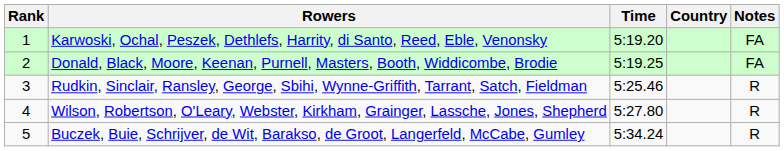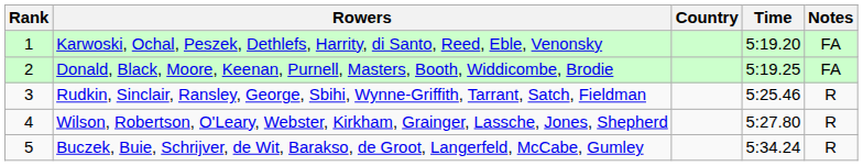 <table class="wikitable" style="text-align:center">
 <tr>
 <th>Rank</th>
 <th>Rowers</th>
+<th>Country</th>
 <th>Time</th>
-<th>Country</th>
 <th>Notes</th>
 </tr>
 <tr bgcolor=ccffcc>
 <td>1</td>
 <td align="left"><a href='#'>Karwoski</a>, <a href='#'>Ochal</a>, <a href='#'>Peszek</a>, <a href='#'>Dethlefs</a>, <a href='#'>Harrity</a>, <a href='#'>di Santo</a>, <a href='#'>Reed</a>, <a href='#'>Eble</a>, <a href='#'>Venonsky</a></td>
+<td align="left"></td>
 <td>5:19.20</td>
-<td align="left"></td>
 <td>FA</td>
 </tr>
 <tr bgcolor=ccffcc>
 <td>2</td>
 <td align="left"><a href='#'>Donald</a>, <a href='#'>Black</a>, <a href='#'>Moore</a>, <a href='#'>Keenan</a>, <a href='#'>Purnell</a>, <a href='#'>Masters</a>, <a href='#'>Booth</a>, <a href='#'>Widdicombe</a>, <a href='#'>Brodie</a></td>
+<td align="left"></td>
 <td>5:19.25</td>
-<td align="left"></td>
 <td>FA</td>
 </tr>
 <tr>
 <td>3</td>
 <td align="left"><a href='#'>Rudkin</a>, <a href='#'>Sinclair</a>, <a href='#'>Ransley</a>, <a href='#'>George</a>, <a href='#'>Sbihi</a>, <a href='#'>Wynne-Griffith</a>, <a href='#'>Tarrant</a>, <a href='#'>Satch</a>, <a href='#'>Fieldman</a></td>
+<td align="left"></td>
 <td>5:25.46</td>
-<td align="left"></td>
 <td>R</td>
 </tr>
 <tr>
 <td>4</td>
 <td align="left"><a href='#'>Wilson</a>, <a href='#'>Robertson</a>, <a href='#'>O'Leary</a>, <a href='#'>Webster</a>, <a href='#'>Kirkham</a>, <a href='#'>Grainger</a>, <a href='#'>Lassche</a>, <a href='#'>Jones</a>, <a href='#'>Shepherd</a></td>
+<td align="left"></td>
 <td>5:27.80</td>
-<td align="left"></td>
 <td>R</td>
 </tr>
 <tr>
 <td>5</td>
 <td align="left"><a href='#'>Buczek</a>, <a href='#'>Buie</a>, <a href='#'>Schrijver</a>, <a href='#'>de Wit</a>, <a href='#'>Barakso</a>, <a href='#'>de Groot</a>, <a href='#'>Langerfeld</a>, <a href='#'>McCabe</a>, <a href='#'>Gumley</a></td>
+<td align="left"></td>
 <td>5:34.24</td>
-<td align="left"></td>
 <td>R</td>
 </tr>
 </table>
